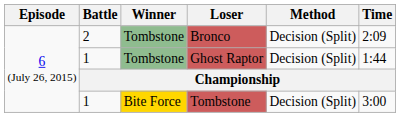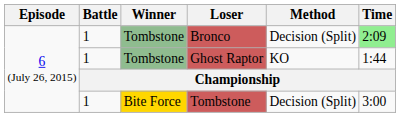 <table class="wikitable">
 <tr>
 <th>Episode</th>
 <th>Battle</th>
 <th>Winner</th>
 <th>Loser</th>
 <th>Method</th>
 <th>Time</th>
 </tr>
 <tr>
 <td style="text-align:center;" rowspan="4"><a href='#'>6</a><br><small>(July 26, 2015)</small></td>
-<td>2</td>
+<td>1</td>
 <td style="background:DarkSeaGreen;">Tombstone</td>
 <td style="background:IndianRed;">Bronco</td>
 <td>Decision (Split)</td>
-<td>2:09</td>
+<td style="background: lightgreen;">2:09</td>
 </tr>
 <tr>
 <td>1</td>
 <td style="background:DarkSeaGreen;">Tombstone</td>
 <td style="background:IndianRed;">Ghost Raptor</td>
-<td>Decision (Split)</td>
+<td>KO</td>
 <td>1:44</td>
 </tr>
 <tr>
 <th colspan="5">Championship</th>
 </tr>
 <tr>
 <td>1</td>
 <td style="background:Gold;">Bite Force</td>
 <td style="background:IndianRed;">Tombstone</td>
 <td>Decision (Split)</td>
 <td>3:00</td>
 </tr>
 </table>
